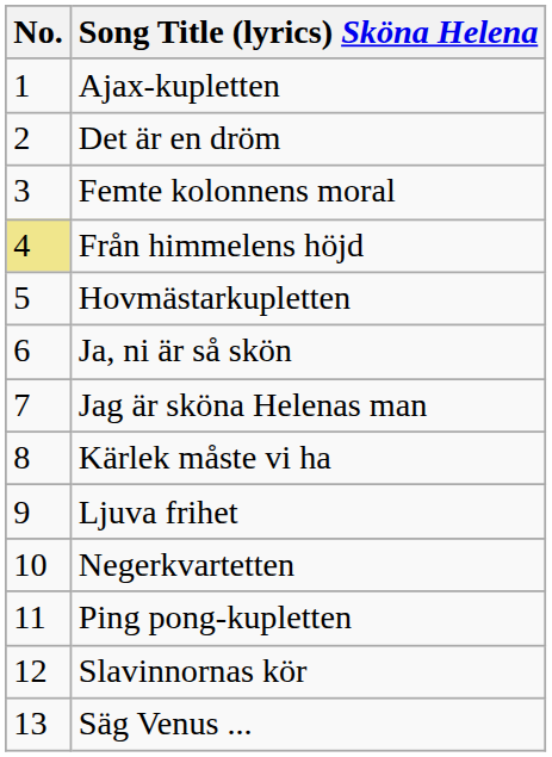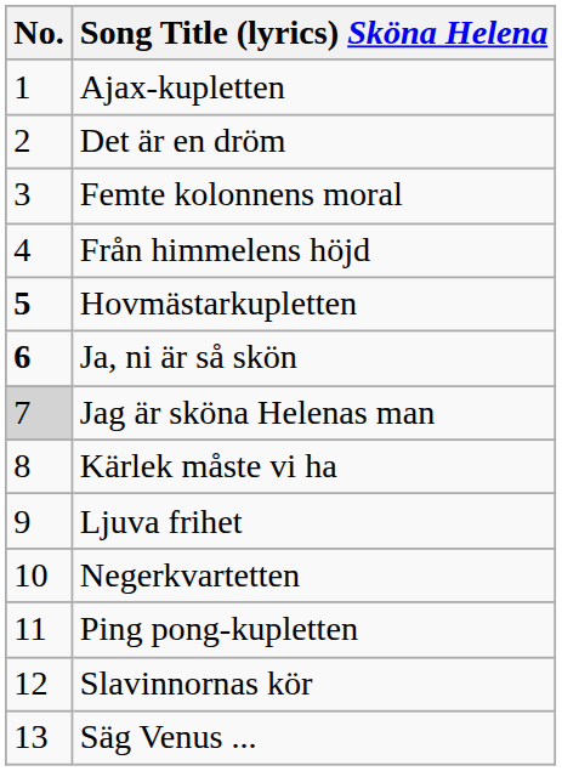 <table class="wikitable">
 <tr>
 <th>No.</th>
 <th>Song Title (lyrics) <em><a href='#'>Sköna Helena</a></em></th>
 </tr>
 <tr>
 <td>1</td>
 <td>Ajax-kupletten</td>
 </tr>
 <tr>
 <td>2</td>
 <td>Det är en dröm</td>
 </tr>
 <tr>
 <td>3</td>
 <td>Femte kolonnens moral</td>
 </tr>
 <tr>
-<td style="background: khaki;">4</td>
+<td>4</td>
 <td>Från himmelens höjd</td>
 </tr>
 <tr>
-<td>5</td>
+<td><strong>5</strong></td>
 <td>Hovmästarkupletten</td>
 </tr>
 <tr>
-<td>6</td>
+<td><strong>6</strong></td>
 <td>Ja, ni är så skön</td>
 </tr>
 <tr>
-<td>7</td>
+<td style="background: lightgrey;">7</td>
 <td>Jag är sköna Helenas man</td>
 </tr>
 <tr>
 <td>8</td>
 <td>Kärlek måste vi ha</td>
 </tr>
 <tr>
 <td>9</td>
 <td>Ljuva frihet</td>
 </tr>
 <tr>
 <td>10</td>
 <td>Negerkvartetten</td>
 </tr>
 <tr>
 <td>11</td>
 <td>Ping pong-kupletten</td>
 </tr>
 <tr>
 <td>12</td>
 <td>Slavinnornas kör</td>
 </tr>
 <tr>
 <td>13</td>
 <td>Säg Venus ...</td>
 </tr>
 </table>
